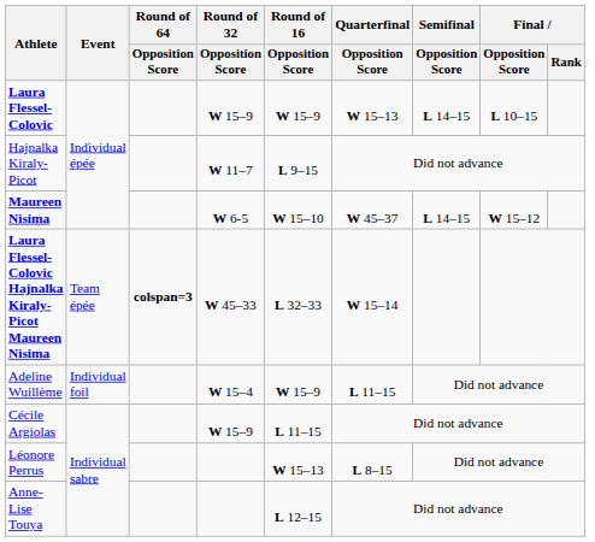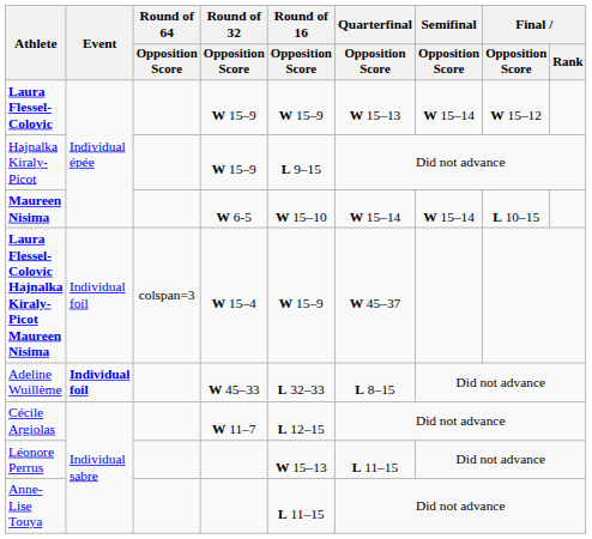 <table class="wikitable" style="font-size:90%">
 <tr>
 <th rowspan="2">Athlete</th>
 <th rowspan="2">Event</th>
 <th>Round of 64</th>
 <th>Round of 32</th>
 <th>Round of 16</th>
 <th>Quarterfinal</th>
 <th>Semifinal</th>
 <th colspan=2>Final / </th>
 </tr>
 <tr style="font-size:95%">
 <th>Opposition <br> Score</th>
 <th>Opposition <br> Score</th>
 <th>Opposition <br> Score</th>
 <th>Opposition <br> Score</th>
 <th>Opposition <br> Score</th>
 <th>Opposition <br> Score</th>
 <th>Rank</th>
 </tr>
 <tr align=center>
 <td align=left><strong><a href='#'>Laura Flessel-Colovic</a></strong></td>
 <td align=left rowspan=3><a href='#'>Individual épée</a></td>
 <td></td>
 <td><br><strong>W</strong> 15–9</td>
 <td><br><strong>W</strong> 15–9</td>
 <td><br><strong>W</strong> 15–13</td>
-<td><br><strong>L</strong> 14–15</td>
-<td><br><strong>L</strong> 10–15</td>
+<td><br><strong>W</strong> 15–14</td>
+<td><br><strong>W</strong> 15–12</td>
 <td></td>
 </tr>
 <tr align=center>
 <td align=left><a href='#'>Hajnalka Kiraly-Picot</a></td>
 <td></td>
-<td><br><strong>W</strong> 11–7</td>
+<td><br><strong>W</strong> 15–9</td>
 <td><br><strong>L</strong> 9–15</td>
 <td colspan=4>Did not advance</td>
 </tr>
 <tr align=center>
 <td align=left><strong><a href='#'>Maureen Nisima</a></strong></td>
 <td></td>
 <td><br><strong>W</strong> 6-5</td>
 <td><br><strong>W</strong> 15–10</td>
-<td><br><strong>W</strong> 45–37</td>
-<td><br><strong>L</strong> 14–15</td>
-<td><br><strong>W</strong> 15–12</td>
+<td><br><strong>W</strong> 15–14</td>
+<td><br><strong>W</strong> 15–14</td>
+<td><br><strong>L</strong> 10–15</td>
 <td></td>
 </tr>
 <tr align=center>
 <td align=left><strong><a href='#'>Laura Flessel-Colovic</a><br><a href='#'>Hajnalka Kiraly-Picot</a><br><a href='#'>Maureen Nisima</a></strong></td>
-<td align=left><a href='#'>Team épée</a></td>
-<td><strong>colspan=3 </strong></td>
-<td><br><strong>W</strong> 45–33</td>
-<td><br><strong>L</strong> 32–33</td>
-<td><br><strong>W</strong> 15–14</td>
+<td align=left><a href='#'>Individual foil</a></td>
+<td>colspan=3 </td>
+<td><br><strong>W</strong> 15–4</td>
+<td><br><strong>W</strong> 15–9</td>
+<td><br><strong>W</strong> 45–37</td>
 <td></td>
 </tr>
 <tr align=center>
 <td align=left><a href='#'>Adeline Wuillème</a></td>
-<td align=left><a href='#'>Individual foil</a></td>
+<td align=left><strong><a href='#'>Individual foil</a></strong></td>
 <td></td>
-<td><br><strong>W</strong> 15–4</td>
-<td><br><strong>W</strong> 15–9</td>
-<td><br><strong>L</strong> 11–15</td>
+<td><br><strong>W</strong> 45–33</td>
+<td><br><strong>L</strong> 32–33</td>
+<td><br><strong>L</strong> 8–15</td>
 <td colspan=3>Did not advance</td>
 </tr>
 <tr align=center>
 <td align=left><a href='#'>Cécile Argiolas</a></td>
 <td align=left rowspan=3><a href='#'>Individual sabre</a></td>
 <td></td>
-<td><br><strong>W</strong> 15–9</td>
-<td><br><strong>L</strong> 11–15</td>
+<td><br><strong>W</strong> 11–7</td>
+<td><br><strong>L</strong> 12–15</td>
 <td colspan=4>Did not advance</td>
 </tr>
 <tr align=center>
 <td align=left><a href='#'>Léonore Perrus</a></td>
 <td></td>
 <td></td>
 <td><br><strong>W</strong> 15–13</td>
-<td><br><strong>L</strong> 8–15</td>
+<td><br><strong>L</strong> 11–15</td>
 <td colspan=3>Did not advance</td>
 </tr>
 <tr align=center>
 <td align=left><a href='#'>Anne-Lise Touya</a></td>
 <td></td>
 <td></td>
-<td><br><strong>L</strong> 12–15</td>
+<td><br><strong>L</strong> 11–15</td>
 <td colspan=5>Did not advance</td>
 </tr>
 </table>
